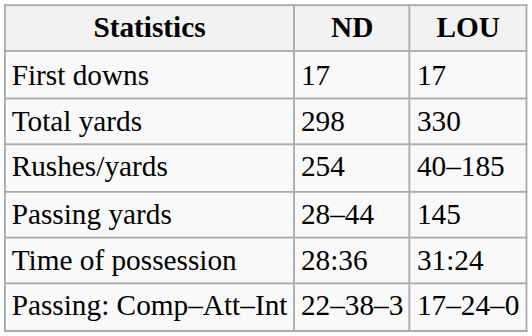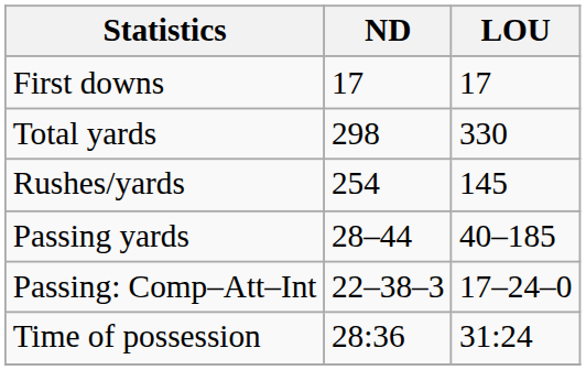 <table class="wikitable" style="float: left;">
 <tr>
 <th>Statistics</th>
 <th>ND</th>
 <th>LOU</th>
 </tr>
 <tr>
 <td>First downs</td>
 <td>17</td>
 <td>17</td>
 </tr>
 <tr>
 <td>Total yards</td>
 <td>298</td>
 <td>330</td>
 </tr>
 <tr>
 <td>Rushes/yards</td>
 <td>254</td>
-<td>40–185</td>
+<td>145</td>
 </tr>
 <tr>
 <td>Passing yards</td>
 <td>28–44</td>
-<td>145</td>
+<td>40–185</td>
+</tr>
+<tr>
+<td>Passing: Comp–Att–Int</td>
+<td>22–38–3</td>
+<td>17–24–0</td>
 </tr>
 <tr>
 <td>Time of possession</td>
 <td>28:36</td>
 <td>31:24</td>
 </tr>
 <tr>
-<td>Passing: Comp–Att–Int</td>
-<td>22–38–3</td>
-<td>17–24–0</td>
-</tr>
-<tr>
 </tr>
 </table>
